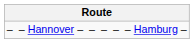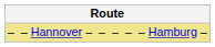 <table class="wikitable">
 <tr>
 <th>Route</th>
 </tr>
 <tr>
-<td>–  – <a href='#'>Hannover</a> –  –  –  –  – <a href='#'>Hamburg</a> – </td>
+<td style="background: khaki;">–  – <a href='#'>Hannover</a> –  –  –  –  – <a href='#'>Hamburg</a> – </td>
 </tr>
 </table>
